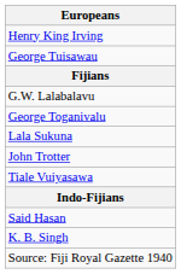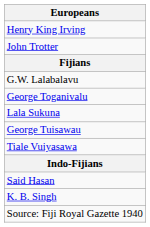 <table class=wikitable>
 <tr>
 <th>Europeans</th>
 </tr>
 <tr>
 <td><a href='#'>Henry King Irving</a></td>
 </tr>
 <tr>
-<td><a href='#'>George Tuisawau</a></td>
+<td><a href='#'>John Trotter</a></td>
 </tr>
 <tr>
 <th>Fijians</th>
 </tr>
 <tr>
 <td>G.W. Lalabalavu</td>
 </tr>
 <tr>
 <td><a href='#'>George Toganivalu</a></td>
 </tr>
 <tr>
 <td><a href='#'>Lala Sukuna</a></td>
 </tr>
 <tr>
-<td><a href='#'>John Trotter</a></td>
+<td><a href='#'>George Tuisawau</a></td>
 </tr>
 <tr>
 <td><a href='#'>Tiale Vuiyasawa</a></td>
 </tr>
 <tr>
 <th>Indo-Fijians</th>
 </tr>
 <tr>
 <td><a href='#'>Said Hasan</a></td>
 </tr>
 <tr>
 <td><a href='#'>K. B. Singh</a></td>
 </tr>
 <tr>
 <td>Source: Fiji Royal Gazette 1940</td>
 </tr>
 </table>
